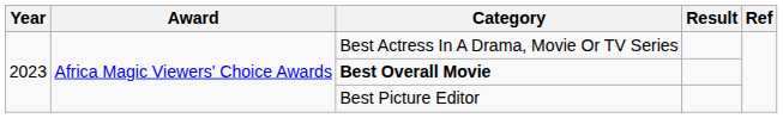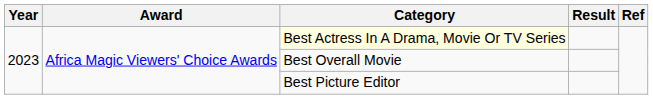 <table class="wikitable">
 <tr>
 <th>Year</th>
 <th>Award</th>
 <th>Category</th>
 <th>Result</th>
 <th>Ref</th>
 </tr>
 <tr>
 <td rowspan="3">2023</td>
 <td rowspan="3"><a href='#'>Africa Magic Viewers' Choice Awards</a></td>
-<td>Best Actress In A Drama, Movie Or TV Series</td>
+<td style="background: lightyellow;">Best Actress In A Drama, Movie Or TV Series</td>
 <td></td>
 <td rowspan="3"></td>
 </tr>
 <tr>
-<td><strong>Best Overall Movie</strong></td>
+<td>Best Overall Movie</td>
 <td></td>
 </tr>
 <tr>
 <td>Best Picture Editor</td>
 <td></td>
 </tr>
 </table>
